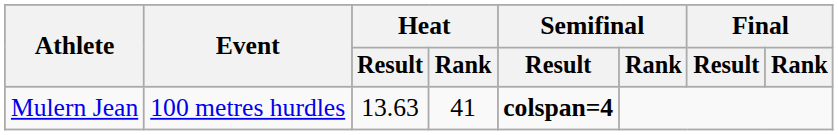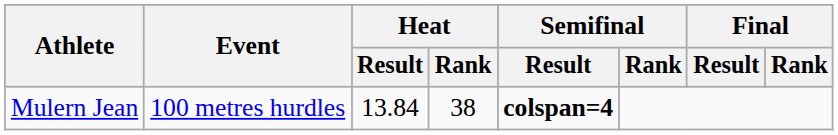 <table class=wikitable style=font-size:90%>
 <tr>
 <th rowspan=2>Athlete</th>
 <th rowspan=2>Event</th>
 <th colspan=2>Heat</th>
 <th colspan=2>Semifinal</th>
 <th colspan=2>Final</th>
 </tr>
 <tr style=font-size:95%>
 <th>Result</th>
 <th>Rank</th>
 <th>Result</th>
 <th>Rank</th>
 <th>Result</th>
 <th>Rank</th>
 </tr>
 <tr align=center>
 <td align=left><a href='#'>Mulern Jean</a></td>
 <td align=left><a href='#'>100 metres hurdles</a></td>
-<td>13.63</td>
-<td>41</td>
+<td>13.84</td>
+<td>38</td>
 <td><strong>colspan=4 </strong></td>
 </tr>
 </table>
